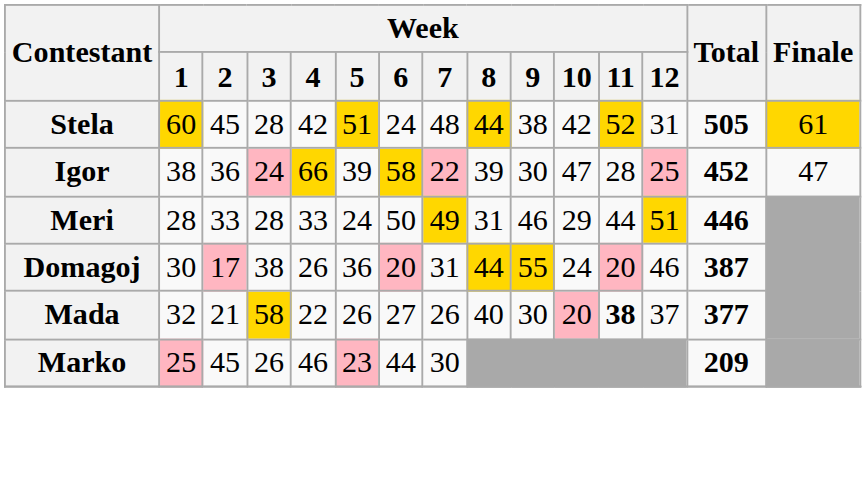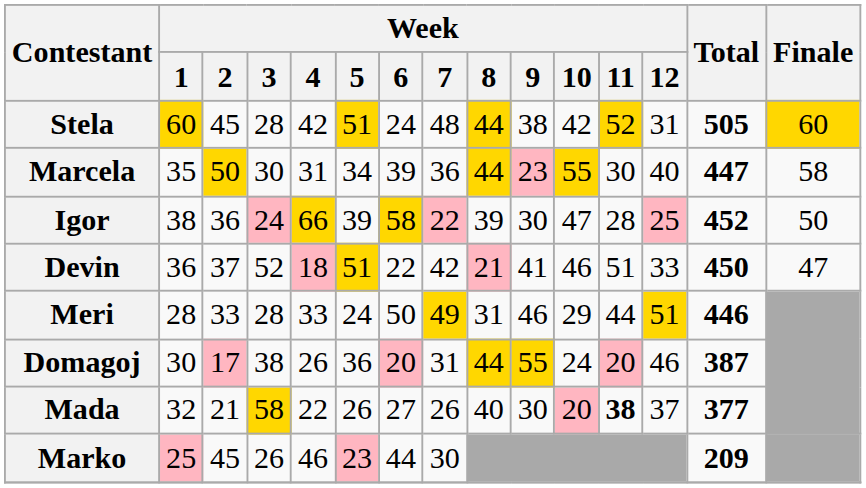 <table class="wikitable sortable" style="text-align:center">
 <tr>
 <th scope="col" rowspan="2">Contestant</th>
 <th colspan="12">Week</th>
 <th scope="col" rowspan="2">Total</th>
 <th scope="col" rowspan="2">Finale</th>
 </tr>
 <tr>
 <th scope="col">1</th>
 <th scope="col">2</th>
 <th scope="col">3</th>
 <th scope="col">4</th>
 <th scope="col">5</th>
 <th scope="col">6</th>
 <th scope="col">7</th>
 <th scope="col">8</th>
 <th scope="col">9</th>
 <th scope="col">10</th>
 <th scope="col">11</th>
 <th scope="col">12</th>
 </tr>
 <tr>
 <th scope="row">Stela</th>
 <td style="background-color:gold;">60</td>
 <td>45</td>
 <td>28</td>
 <td>42</td>
 <td style="background-color:gold;">51</td>
 <td>24</td>
 <td>48</td>
 <td style="background-color:gold;">44</td>
 <td>38</td>
 <td>42</td>
 <td style="background-color:gold;">52</td>
 <td>31</td>
 <td><strong>505</strong></td>
-<td style="background-color:gold;">61</td>
+<td style="background-color:gold;">60</td>
+</tr>
+<tr>
+<th scope="row">Marcela</th>
+<td>35</td>
+<td style="background-color:gold;">50</td>
+<td>30</td>
+<td>31</td>
+<td>34</td>
+<td>39</td>
+<td>36</td>
+<td style="background-color:gold;">44</td>
+<td style="background-color:lightpink;">23</td>
+<td style="background-color:gold;">55</td>
+<td>30</td>
+<td>40</td>
+<td><strong>447</strong></td>
+<td>58</td>
 </tr>
 <tr>
 <th scope="row">Igor</th>
 <td>38</td>
 <td>36</td>
 <td style="background-color:lightpink;">24</td>
 <td style="background-color:gold;">66</td>
 <td>39</td>
 <td style="background-color:gold;">58</td>
 <td style="background-color:lightpink;">22</td>
 <td>39</td>
 <td>30</td>
 <td>47</td>
 <td>28</td>
 <td style="background-color:lightpink;">25</td>
 <td><strong>452</strong></td>
+<td>50</td>
+</tr>
+<tr>
+<th scope="row">Devin</th>
+<td>36</td>
+<td>37</td>
+<td>52</td>
+<td style="background-color:lightpink;">18</td>
+<td style="background-color:gold;">51</td>
+<td>22</td>
+<td>42</td>
+<td style="background-color:lightpink;">21</td>
+<td>41</td>
+<td>46</td>
+<td>51</td>
+<td>33</td>
+<td><strong>450</strong></td>
 <td>47</td>
 </tr>
 <tr>
 <th scope="row">Meri</th>
 <td>28</td>
 <td>33</td>
 <td>28</td>
 <td>33</td>
 <td>24</td>
 <td>50</td>
 <td style="background-color:gold;">49</td>
 <td>31</td>
 <td>46</td>
 <td>29</td>
 <td>44</td>
 <td style="background-color:gold;">51</td>
 <td><strong>446</strong></td>
 <td style="background-color:darkgray;" rowspan="3"></td>
 </tr>
 <tr>
 <th scope="row">Domagoj</th>
 <td>30</td>
 <td style="background-color:lightpink;">17</td>
 <td>38</td>
 <td>26</td>
 <td>36</td>
 <td style="background-color:lightpink;">20</td>
 <td>31</td>
 <td style="background-color:gold;">44</td>
 <td style="background-color:gold;">55</td>
 <td>24</td>
 <td style="background-color:lightpink;">20</td>
 <td>46</td>
 <td><strong>387</strong></td>
 </tr>
 <tr>
 <th scope="row">Mada</th>
 <td>32</td>
 <td>21</td>
 <td style="background-color:gold;">58</td>
 <td>22</td>
 <td>26</td>
 <td>27</td>
 <td>26</td>
 <td>40</td>
 <td>30</td>
 <td style="background-color:lightpink;">20</td>
 <td><strong>38</strong></td>
 <td>37</td>
 <td><strong>377</strong></td>
 </tr>
 <tr>
 <th scope="row">Marko</th>
 <td style="background-color:lightpink;">25</td>
 <td>45</td>
 <td>26</td>
 <td>46</td>
 <td style="background-color:lightpink;">23</td>
 <td>44</td>
 <td>30</td>
 <td style="background-color:darkgray;" colspan="5"></td>
 <td><strong>209</strong></td>
 <td style="background-color:darkgray;" colspan="1"></td>
 </tr>
 <tr>
 </tr>
 </table>
